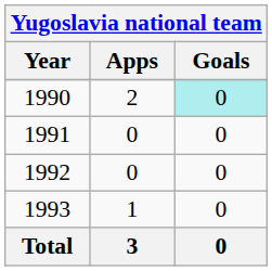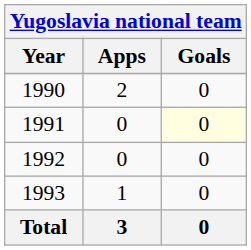 <table class="wikitable" style="text-align:center">
 <tr>
 <th colspan=3><a href='#'>Yugoslavia national team</a></th>
 </tr>
 <tr>
 <th>Year</th>
 <th>Apps</th>
 <th>Goals</th>
 </tr>
 <tr>
 </tr>
 <tr>
 <td>1990</td>
 <td>2</td>
-<td style="background: paleturquoise;">0</td>
+<td>0</td>
 </tr>
 <tr>
 <td>1991</td>
 <td>0</td>
-<td>0</td>
+<td style="background: lightyellow;">0</td>
 </tr>
 <tr>
 <td>1992</td>
 <td>0</td>
 <td>0</td>
 </tr>
 <tr>
 <td>1993</td>
 <td>1</td>
 <td>0</td>
 </tr>
 <tr>
 <th>Total</th>
 <th>3</th>
 <th>0</th>
 </tr>
 </table>
